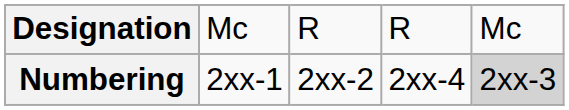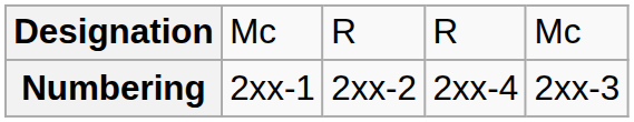 <table class="wikitable">
 <tr>
 <th>Designation</th>
 <td>Mc</td>
 <td>R</td>
 <td>R</td>
 <td>Mc</td>
 </tr>
 <tr>
 <th>Numbering</th>
 <td>2xx-1</td>
 <td>2xx-2</td>
 <td>2xx-4</td>
-<td style="background: lightgrey;">2xx-3</td>
+<td>2xx-3</td>
 </tr>
 </table>
